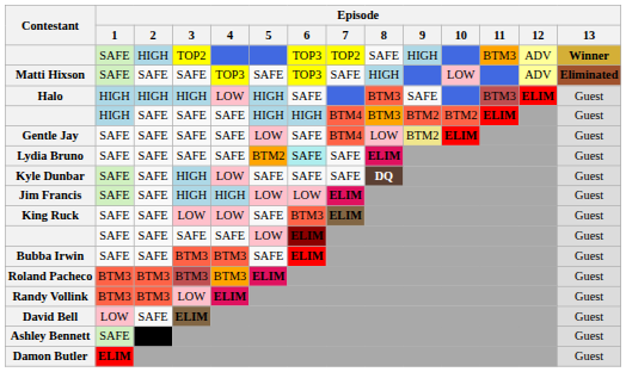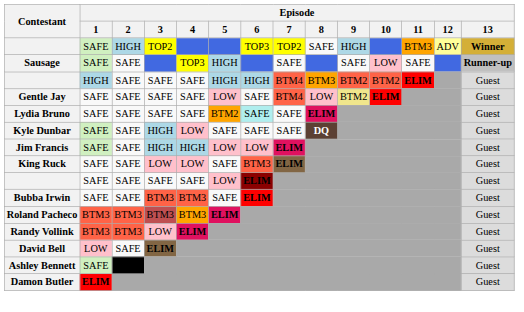 <table class="wikitable" style="text-align:center;font-size:96%">
 <tr>
 <th rowspan=2>Contestant</th>
 <th colspan=13>Episode</th>
 </tr>
 <tr>
 <th>1</th>
 <th>2</th>
 <th>3</th>
 <th>4</th>
 <th>5</th>
 <th>6</th>
 <th>7</th>
 <th>8</th>
 <th>9</th>
 <th>10</th>
 <th>11</th>
 <th>12</th>
 <th>13</th>
 </tr>
 <tr>
 <th></th>
 <td style="background:#D0F0C0;">SAFE</td>
 <td bgcolor="lightblue">HIGH</td>
 <td style="background:yellow ;">TOP2</td>
 <td style="background:royalblue;"><strong></strong></td>
 <td style="background:royalblue;"><strong></strong></td>
 <td style="background:yellow ;">TOP3</td>
 <td style="background:yellow ;">TOP2</td>
 <td>SAFE</td>
 <td style="background:lightblue;">HIGH</td>
 <td style="background:royalblue;"><strong></strong></td>
 <td style="background:orange;">BTM3</td>
 <td style="background:#FFFF99;">ADV</td>
 <td style="background: #D4AF37" nowrap><strong>Winner</strong></td>
 </tr>
 <tr>
-<th>Matti Hixson</th>
+<th>Sausage</th>
 <td style="background:#D0F0C0;">SAFE</td>
 <td>SAFE</td>
-<td>SAFE</td>
+<td style="background:royalblue;"><strong></strong></td>
 <td style="background:yellow ;">TOP3</td>
-<td>SAFE</td>
-<td style="background:yellow ;">TOP3</td>
-<td>SAFE</td>
-<td bgcolor="lightblue">HIGH</td>
+<td style="background:lightblue;">HIGH</td>
 <td style="background:royalblue;"><strong></strong></td>
-<td style="background:pink;">LOW</td>
-<td style="background:royalblue;"><strong></strong></td>
-<td style="background:#FFFF99;">ADV</td>
-<td style="background:sienna;"><strong>Eliminated</strong></td>
-</tr>
-<tr>
-<th>Halo</th>
-<td bgcolor="lightblue">HIGH</td>
-<td bgcolor="lightblue">HIGH</td>
-<td bgcolor="lightblue">HIGH</td>
-<td style="background:pink;">LOW</td>
-<td style="background:lightblue;">HIGH</td>
 <td>SAFE</td>
 <td style="background:royalblue;"><strong></strong></td>
-<td style="background:tomato;">BTM3</td>
+<td>SAFE</td>
+<td style="background:pink;">LOW</td>
 <td>SAFE</td>
 <td style="background:royalblue;"><strong></strong></td>
-<td style="background:#BF4F51;">BTM3</td>
-<td style="background:red;"><strong>ELIM</strong></td>
-<td bgcolor="gainsboro">Guest</td>
+<td style="background:silver" nowrap><strong>Runner-up</strong></td>
 </tr>
 <tr>
 <th></th>
 <td bgcolor="lightblue">HIGH</td>
 <td>SAFE</td>
 <td>SAFE</td>
 <td>SAFE</td>
 <td bgcolor="lightblue">HIGH</td>
 <td bgcolor="lightblue">HIGH</td>
 <td style="background:tomato;">BTM4</td>
 <td style="background:orange;">BTM3</td>
 <td style="background:tomato;">BTM2</td>
 <td style="background:tomato;">BTM2</td>
 <td style="background:red;"><strong>ELIM</strong></td>
 <td bgcolor="darkgray" colspan="1"></td>
 <td bgcolor="gainsboro">Guest</td>
 </tr>
 <tr>
 <th>Gentle Jay</th>
 <td>SAFE</td>
 <td>SAFE</td>
 <td>SAFE</td>
 <td>SAFE</td>
 <td style="background:pink;">LOW</td>
 <td>SAFE</td>
 <td style="background:tomato;">BTM4</td>
 <td style="background:pink;">LOW</td>
 <td style="background:khaki;">BTM2</td>
 <td style="background:red;"><strong>ELIM</strong></td>
 <td bgcolor="darkgray" colspan="2"></td>
 <td bgcolor="gainsboro">Guest</td>
 </tr>
 <tr>
 <th>Lydia Bruno</th>
 <td>SAFE</td>
 <td>SAFE</td>
 <td>SAFE</td>
 <td>SAFE</td>
 <td style="background:orange;">BTM2</td>
 <td style="background: paleturquoise;">SAFE</td>
 <td>SAFE</td>
 <td style="background:#E0115F;"><strong>ELIM</strong></td>
 <td bgcolor="darkgray" colspan="4"></td>
 <td bgcolor="gainsboro">Guest</td>
 </tr>
 <tr>
 <th>Kyle Dunbar</th>
 <td style="background:#D0F0C0;">SAFE</td>
 <td>SAFE</td>
 <td bgcolor="lightblue">HIGH</td>
 <td style="background:pink;">LOW</td>
 <td>SAFE</td>
 <td>SAFE</td>
 <td>SAFE</td>
 <td style="background:#5C4033;color:white;"><strong>DQ</strong></td>
 <td bgcolor="darkgray" colspan="4"></td>
 <td bgcolor="gainsboro">Guest</td>
 </tr>
 <tr>
 <th>Jim Francis</th>
 <td style="background:#D0F0C0;">SAFE</td>
 <td>SAFE</td>
 <td style="background:lightblue;">HIGH</td>
 <td style="background:lightblue;">HIGH</td>
 <td style="background:pink;">LOW</td>
 <td style="background:pink;">LOW</td>
 <td style="background:#E0115F;"><strong>ELIM</strong></td>
 <td bgcolor="darkgray" colspan="5"></td>
 <td bgcolor="gainsboro">Guest</td>
 </tr>
 <tr>
 <th>King Ruck</th>
 <td>SAFE</td>
 <td>SAFE</td>
 <td style="background:pink;">LOW</td>
 <td style="background:pink;">LOW</td>
 <td>SAFE</td>
 <td style="background:tomato;">BTM3</td>
 <td style="background:#826644;"><strong>ELIM</strong></td>
 <td bgcolor="darkgray" colspan="5"></td>
 <td bgcolor="gainsboro">Guest</td>
 </tr>
 <tr>
 <th></th>
 <td>SAFE</td>
 <td>SAFE</td>
 <td>SAFE</td>
 <td>SAFE</td>
 <td style="background:pink;">LOW</td>
 <td style="background:darkred;"><strong>ELIM</strong></td>
 <td bgcolor="darkgray" colspan="6"></td>
 <td bgcolor="gainsboro">Guest</td>
 </tr>
 <tr>
 <th>Bubba Irwin</th>
 <td>SAFE</td>
 <td>SAFE</td>
 <td style="background:tomato;">BTM3</td>
 <td style="background:tomato;">BTM3</td>
 <td>SAFE</td>
 <td style="background:red;"><strong>ELIM</strong></td>
 <td bgcolor="darkgray" colspan="6"></td>
 <td bgcolor="gainsboro">Guest</td>
 </tr>
 <tr>
 <th>Roland Pacheco</th>
 <td style="background:tomato;">BTM3</td>
 <td style="background:tomato;">BTM3</td>
 <td style="background:#BF4F51;">BTM3</td>
 <td style="background:orange;">BTM3</td>
 <td style="background:#E0115F;"><strong>ELIM</strong></td>
 <td bgcolor="darkgray" colspan="7"></td>
 <td bgcolor="gainsboro">Guest</td>
 </tr>
 <tr>
 <th>Randy Vollink</th>
 <td style="background:tomato;">BTM3</td>
 <td style="background:tomato;">BTM3</td>
 <td style="background:pink;">LOW</td>
 <td style="background:#E0115F;"><strong>ELIM</strong></td>
 <td bgcolor="darkgray" colspan="8"></td>
 <td bgcolor="gainsboro">Guest</td>
 </tr>
 <tr>
 <th>David Bell</th>
 <td style="background:pink;">LOW</td>
 <td>SAFE</td>
 <td style="background:#826644;"><strong>ELIM</strong></td>
 <td bgcolor="darkgray" colspan="9"></td>
 <td bgcolor="gainsboro">Guest</td>
 </tr>
 <tr>
 <th>Ashley Bennett</th>
 <td style="background:#D0F0C0;">SAFE</td>
 <td style="background:black;"></td>
 <td bgcolor="darkgray" colspan="10"></td>
 <td bgcolor="gainsboro">Guest</td>
 </tr>
 <tr>
 <th>Damon Butler</th>
 <td style="background:red;"><strong>ELIM</strong></td>
 <td bgcolor="darkgray" colspan="11"></td>
 <td bgcolor="gainsboro">Guest</td>
 </tr>
 </table>
